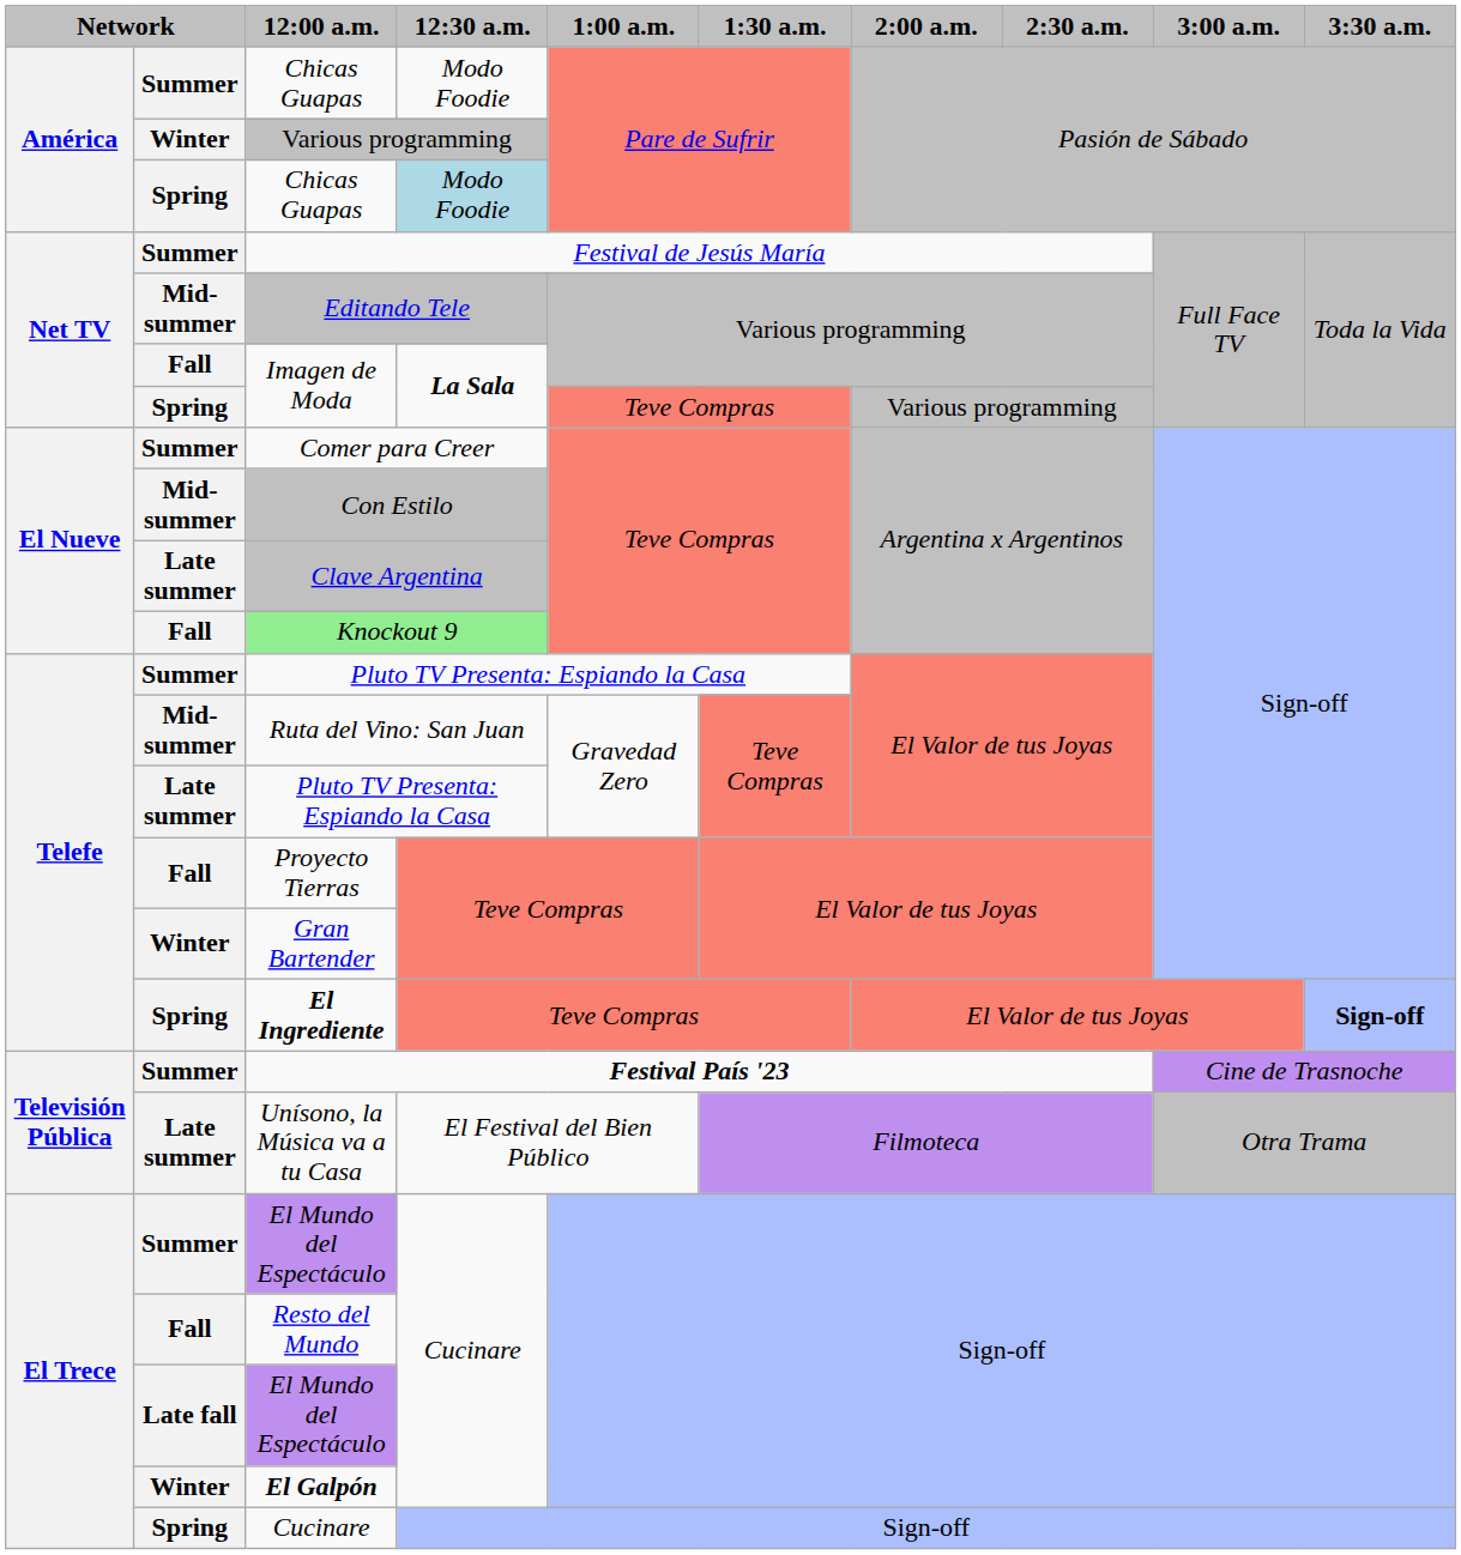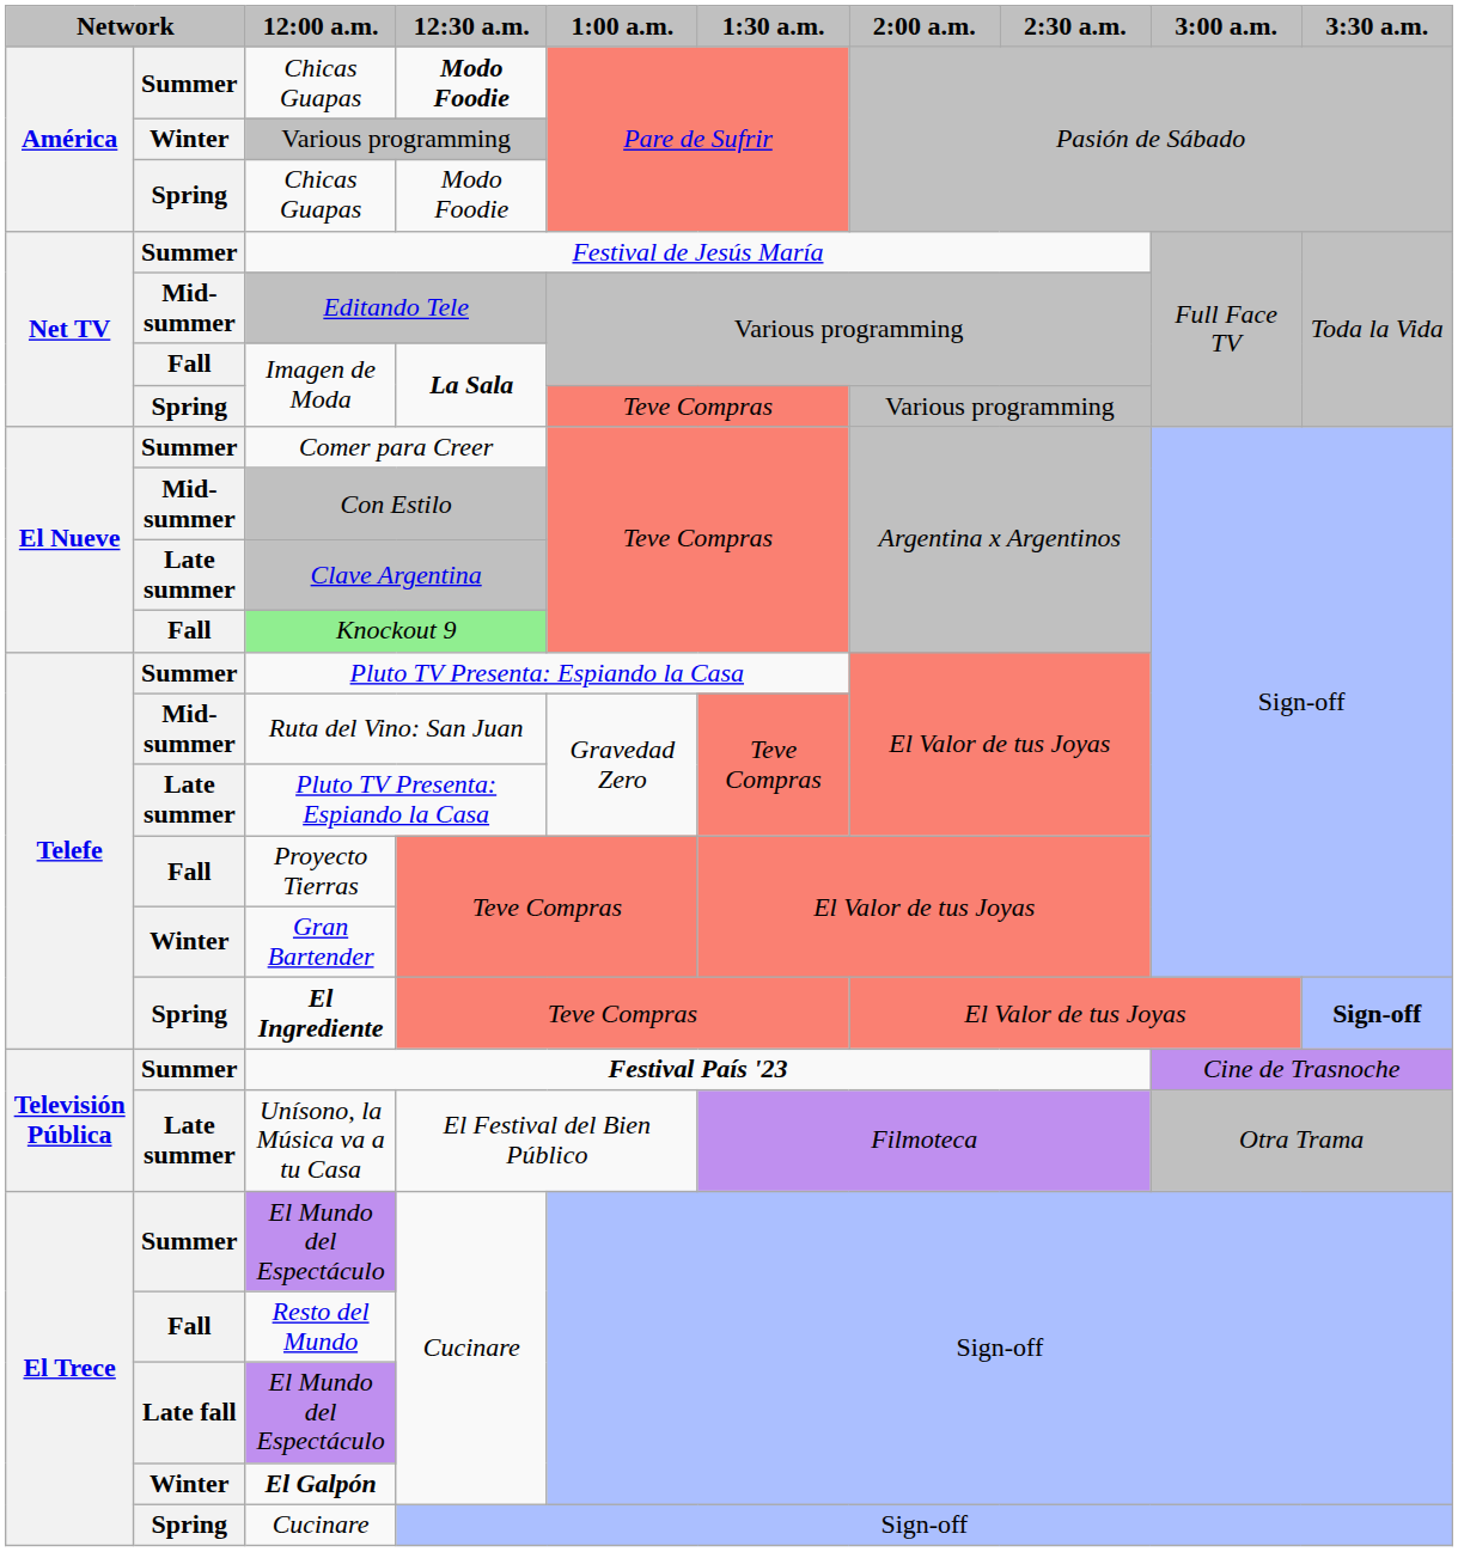 <table class="wikitable" style="width:100%;margin-right:0;text-align:center">
 <tr>
 <th colspan="2" style="background-color:#C0C0C0;width:13%;">Network</th>
 <th style="background-color:#C0C0C0;text-align:center;width:10%;">12:00 a.m.</th>
 <th style="background-color:#C0C0C0;text-align:center;width:10%;">12:30 a.m.</th>
 <th style="background-color:#C0C0C0;text-align:center;width:10%;">1:00 a.m.</th>
 <th style="background-color:#C0C0C0;text-align:center;width:10%;">1:30 a.m.</th>
 <th style="background-color:#C0C0C0;text-align:center;width:10%;">2:00 a.m.</th>
 <th style="background-color:#C0C0C0;text-align:center;width:10%;">2:30 a.m.</th>
 <th style="background-color:#C0C0C0;text-align:center;width:10%;">3:00 a.m.</th>
 <th style="background-color:#C0C0C0;text-align:center;width:10%;">3:30 a.m.</th>
 </tr>
 <tr>
 <th rowspan="3"><a href='#'>América</a></th>
 <th>Summer</th>
 <td><em>Chicas Guapas</em></td>
-<td><em>Modo Foodie</em></td>
+<td><strong><em>Modo Foodie</em></strong></td>
 <td style="background:#FA8072;" colspan="2" rowspan="3"><em><a href='#'>Pare de Sufrir</a></em></td>
 <td style="background:#C0C0C0;" colspan="4" rowspan="3"><em>Pasión de Sábado</em>  </td>
 </tr>
 <tr>
 <th>Winter</th>
 <td style="background:#C0C0C0;" colspan="2">Various programming</td>
 </tr>
 <tr>
 <th>Spring</th>
 <td><em>Chicas Guapas</em></td>
-<td style="background: lightblue;"><em>Modo Foodie</em></td>
+<td><em>Modo Foodie</em></td>
 </tr>
 <tr>
 <th rowspan="4"><a href='#'>Net TV</a></th>
 <th>Summer</th>
 <td colspan="6"><em><a href='#'>Festival de Jesús María</a></em> </td>
 <td style="background:#C0C0C0;" rowspan="4"><em>Full Face TV</em> </td>
 <td style="background:#C0C0C0;" rowspan="4"><em>Toda la Vida</em>  </td>
 </tr>
 <tr>
 <th>Mid-summer</th>
 <td style="background:#C0C0C0;" colspan="2"><em><a href='#'>Editando Tele</a></em>  </td>
 <td style="background:#C0C0C0;" colspan="4" rowspan="2">Various programming</td>
 </tr>
 <tr>
 <th>Fall</th>
 <td rowspan="2"><em>Imagen de Moda</em></td>
 <td rowspan="2"><strong><em>La Sala</em></strong></td>
 </tr>
 <tr>
 <th>Spring</th>
 <td style="background:#FA8072;" colspan="2"><em>Teve Compras</em></td>
 <td style="background:#C0C0C0;" colspan="2">Various programming</td>
 </tr>
 <tr>
 <th rowspan="4"><a href='#'>El Nueve</a></th>
 <th>Summer</th>
 <td colspan="2"><em>Comer para Creer</em></td>
 <td style="background:#FA8072;" colspan="2" rowspan="4"><em>Teve Compras</em></td>
 <td style="background:#C0C0C0;" colspan="2" rowspan="4"><em>Argentina x Argentinos</em> </td>
 <td style="background:#abbfff;" colspan="2" rowspan="9">Sign-off</td>
 </tr>
 <tr>
 <th>Mid-summer</th>
 <td style="background:#C0C0C0;" colspan="2"><em>Con Estilo</em> </td>
 </tr>
 <tr>
 <th>Late summer</th>
 <td style="background:#C0C0C0;" colspan="2"><em><a href='#'>Clave Argentina</a></em> </td>
 </tr>
 <tr>
 <th>Fall</th>
 <td style="background:lightgreen;" colspan="2"><em>Knockout 9</em></td>
 </tr>
 <tr>
 <th rowspan="6"><a href='#'>Telefe</a></th>
 <th>Summer</th>
 <td colspan="4"><em><a href='#'>Pluto TV Presenta: Espiando la Casa</a></em></td>
 <td style="background:#FA8072;" colspan="2" rowspan="3"><em>El Valor de tus Joyas</em></td>
 </tr>
 <tr>
 <th>Mid-summer</th>
 <td colspan="2"><em>Ruta del Vino: San Juan</em></td>
 <td rowspan="2"><em>Gravedad Zero</em></td>
 <td style="background:#FA8072;" rowspan="2"><em>Teve Compras</em></td>
 </tr>
 <tr>
 <th>Late summer</th>
 <td colspan="2"><em><a href='#'>Pluto TV Presenta: Espiando la Casa</a></em><br></td>
 </tr>
 <tr>
 <th>Fall</th>
 <td><em>Proyecto Tierras</em></td>
 <td style="background:#FA8072;" colspan="2" rowspan="2"><em>Teve Compras</em></td>
 <td style="background:#FA8072;" colspan="3" rowspan="2"><em>El Valor de tus Joyas</em></td>
 </tr>
 <tr>
 <th>Winter</th>
 <td><em><a href='#'>Gran Bartender</a></em></td>
 </tr>
 <tr>
 <th>Spring</th>
 <td><strong><em>El Ingrediente</em></strong></td>
 <td style="background:#FA8072;" colspan="3"><em>Teve Compras</em> </td>
 <td style="background:#FA8072;" colspan="3"><em>El Valor de tus Joyas</em> </td>
 <td style="background:#abbfff;"><strong>Sign-off</strong></td>
 </tr>
 <tr>
 <th rowspan="2"><a href='#'>Televisión Pública</a></th>
 <th>Summer</th>
 <td colspan="6"><strong><em>Festival País '23</em></strong> </td>
 <td style="background:#bf8fef;" colspan="2"><em>Cine de Trasnoche</em> </td>
 </tr>
 <tr>
 <th>Late summer</th>
 <td><em>Unísono, la Música va a tu Casa</em> </td>
 <td colspan="2"><em>El Festival del Bien Público</em></td>
 <td style="background:#bf8fef;" colspan="3"><em>Filmoteca</em></td>
 <td style="background:#C0C0C0;" colspan="2"><em>Otra Trama</em> </td>
 </tr>
 <tr>
 <th rowspan="5"><a href='#'>El Trece</a></th>
 <th>Summer</th>
 <td style="background:#bf8fef;"><em>El Mundo del Espectáculo</em> </td>
 <td rowspan="4"><em>Cucinare</em></td>
 <td style="background:#abbfff;" colspan="6" rowspan="4">Sign-off</td>
 </tr>
 <tr>
 <th>Fall</th>
 <td><em><a href='#'>Resto del Mundo</a></em><br></td>
 </tr>
 <tr>
 <th>Late fall</th>
 <td style="background:#bf8fef;"><em>El Mundo del Espectáculo</em> </td>
 </tr>
 <tr>
 <th>Winter</th>
 <td><strong><em>El Galpón</em></strong> </td>
 </tr>
 <tr>
 <th>Spring</th>
 <td><em>Cucinare</em></td>
 <td style="background:#abbfff;" colspan="7">Sign-off</td>
 </tr>
 </table>
